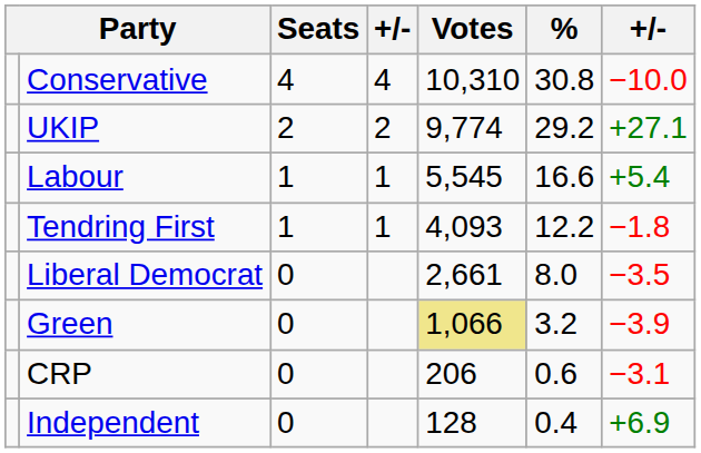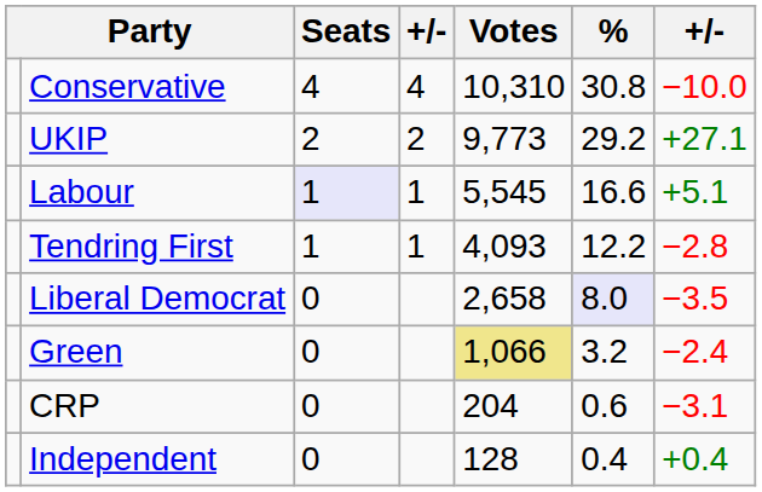 <table class="wikitable">
 <tr>
 <th colspan="2">Party</th>
 <th>Seats</th>
 <th>+/-</th>
 <th>Votes</th>
 <th>%</th>
 <th>+/-</th>
 </tr>
 <tr>
 <td style="background-color: "></td>
 <td><a href='#'>Conservative</a></td>
 <td>4</td>
 <td> 4</td>
 <td>10,310</td>
 <td>30.8</td>
 <td style="color:red">−10.0</td>
 </tr>
 <tr>
 <td style="background-color: "></td>
 <td><a href='#'>UKIP</a></td>
 <td>2</td>
 <td> 2</td>
-<td>9,774</td>
+<td>9,773</td>
 <td>29.2</td>
 <td style="color:green">+27.1</td>
 </tr>
 <tr>
 <td style="background-color: "></td>
 <td><a href='#'>Labour</a></td>
-<td>1</td>
+<td style="background: lavender;">1</td>
 <td> 1</td>
 <td>5,545</td>
 <td>16.6</td>
-<td style="color:green">+5.4</td>
+<td style="color:green">+5.1</td>
 </tr>
 <tr>
 <td style="background-color: "></td>
 <td><a href='#'>Tendring First</a></td>
 <td>1</td>
 <td> 1</td>
 <td>4,093</td>
 <td>12.2</td>
-<td style="color:red">−1.8</td>
+<td style="color:red">−2.8</td>
 </tr>
 <tr>
 <td style="background-color: "></td>
 <td><a href='#'>Liberal Democrat</a></td>
 <td>0</td>
 <td></td>
-<td>2,661</td>
-<td>8.0</td>
+<td>2,658</td>
+<td style="background: lavender;">8.0</td>
 <td style="color:red">−3.5</td>
 </tr>
 <tr>
 <td style="background-color: "></td>
 <td><a href='#'>Green</a></td>
 <td>0</td>
 <td></td>
 <td style="background: khaki;">1,066</td>
 <td>3.2</td>
-<td style="color:red">−3.9</td>
+<td style="color:red">−2.4</td>
 </tr>
 <tr>
 <td style="background-color: "></td>
 <td>CRP</td>
 <td>0</td>
 <td></td>
-<td>206</td>
+<td>204</td>
 <td>0.6</td>
 <td style="color:red">−3.1</td>
 </tr>
 <tr>
 <td style="background-color: "></td>
 <td><a href='#'>Independent</a></td>
 <td>0</td>
 <td></td>
 <td>128</td>
 <td>0.4</td>
-<td style="color:green">+6.9</td>
+<td style="color:green">+0.4</td>
 </tr>
 </table>
